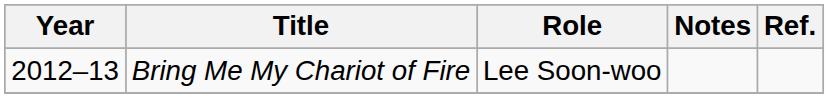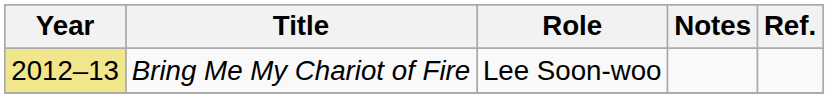 <table class="wikitable ">
 <tr>
 <th>Year</th>
 <th>Title</th>
 <th>Role</th>
 <th>Notes</th>
 <th>Ref.</th>
 </tr>
 <tr>
-<td>2012–13</td>
+<td style="background: khaki;">2012–13</td>
 <td><em>Bring Me My Chariot of Fire</em></td>
 <td>Lee Soon-woo</td>
 <td></td>
 <td></td>
 </tr>
 <tr>
 </tr>
 </table>
